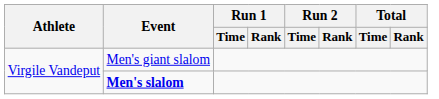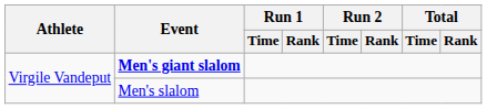 <table class="wikitable" style="font-size:90%">
 <tr>
 <th rowspan=2>Athlete</th>
 <th rowspan=2>Event</th>
 <th colspan=2>Run 1</th>
 <th colspan=2>Run 2</th>
 <th colspan=2>Total</th>
 </tr>
 <tr style="font-size:95%">
 <th>Time</th>
 <th>Rank</th>
 <th>Time</th>
 <th>Rank</th>
 <th>Time</th>
 <th>Rank</th>
 </tr>
 <tr align=center>
 <td align=left rowspan="2"><a href='#'>Virgile Vandeput</a></td>
-<td align=left><a href='#'>Men's giant slalom</a></td>
+<td align=left><strong><a href='#'>Men's giant slalom</a></strong></td>
 <td colspan="6"></td>
 </tr>
 <tr align=center>
-<td align=left><strong><a href='#'>Men's slalom</a></strong></td>
+<td align=left><a href='#'>Men's slalom</a></td>
 <td colspan="6"></td>
 </tr>
 </table>
